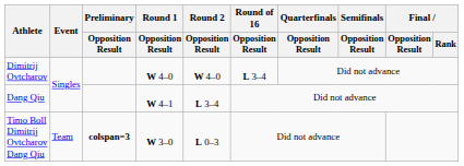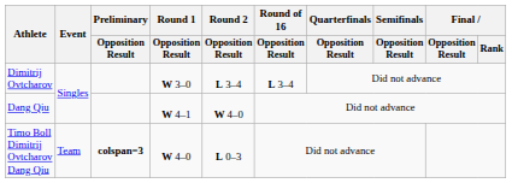 <table class=wikitable style=font-size:90%;text-align:center>
 <tr>
 <th rowspan=2>Athlete</th>
 <th rowspan=2>Event</th>
 <th>Preliminary</th>
 <th>Round 1</th>
 <th>Round 2</th>
 <th>Round of 16</th>
 <th>Quarterfinals</th>
 <th>Semifinals</th>
 <th colspan=2>Final / </th>
 </tr>
 <tr style=font-size:95%>
 <th>Opposition<br>Result</th>
 <th>Opposition<br>Result</th>
 <th>Opposition<br>Result</th>
 <th>Opposition<br>Result</th>
 <th>Opposition<br>Result</th>
 <th>Opposition<br>Result</th>
 <th>Opposition<br>Result</th>
 <th>Rank</th>
 </tr>
 <tr>
 <td align=left><a href='#'>Dimitrij Ovtcharov</a></td>
 <td align=left rowspan=2><a href='#'>Singles</a></td>
 <td></td>
-<td><br><strong>W</strong> 4–0</td>
-<td><br><strong>W</strong> 4–0</td>
+<td><br><strong>W</strong> 3–0</td>
+<td><br><strong>L</strong> 3–4</td>
 <td><br><strong>L</strong> 3–4</td>
 <td colspan=4>Did not advance</td>
 </tr>
 <tr align=center>
 <td align=left><a href='#'>Dang Qiu</a></td>
 <td></td>
 <td><br><strong>W</strong> 4–1</td>
-<td><br><strong>L</strong> 3–4</td>
+<td><br><strong>W</strong> 4–0</td>
 <td colspan=5>Did not advance</td>
 </tr>
 <tr>
 <td align=left><a href='#'>Timo Boll</a><br><a href='#'>Dimitrij Ovtcharov</a><br><a href='#'>Dang Qiu</a></td>
 <td align=left><a href='#'>Team</a></td>
 <td><strong>colspan=3 </strong></td>
-<td><br><strong>W</strong> 3–0</td>
+<td><br><strong>W</strong> 4–0</td>
 <td><br><strong>L</strong> 0–3</td>
 <td colspan=3>Did not advance</td>
 </tr>
 </table>
